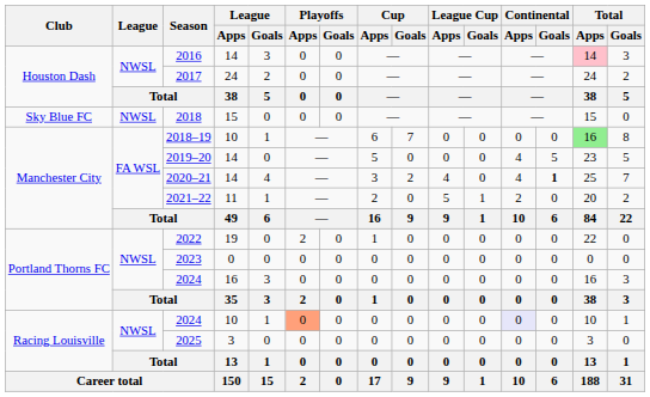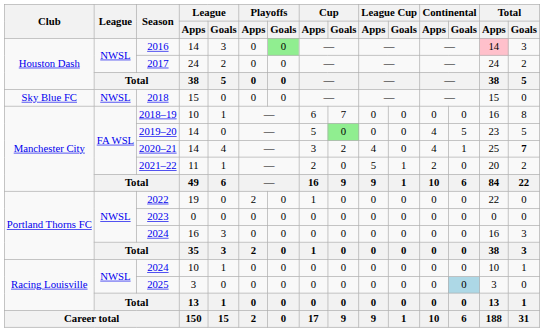 <table class="wikitable" style="text-align: center;">
 <tr>
 <th rowspan="2">Club</th>
 <th rowspan="2">League</th>
 <th rowspan="2">Season</th>
 <th colspan="2">League</th>
 <th colspan="2">Playoffs</th>
 <th colspan="2">Cup</th>
 <th colspan="2">League Cup</th>
 <th colspan="2">Continental</th>
 <th colspan="2">Total</th>
 </tr>
 <tr>
 <th>Apps</th>
 <th>Goals</th>
 <th>Apps</th>
 <th>Goals</th>
 <th>Apps</th>
 <th>Goals</th>
 <th>Apps</th>
 <th>Goals</th>
 <th>Apps</th>
 <th>Goals</th>
 <th>Apps</th>
 <th>Goals</th>
 </tr>
 <tr>
 <td rowspan="3"><a href='#'>Houston Dash</a></td>
 <td rowspan="2"><a href='#'>NWSL</a></td>
 <td><a href='#'>2016</a></td>
 <td>14</td>
 <td>3</td>
 <td>0</td>
-<td>0</td>
+<td style="background: lightgreen;">0</td>
 <td colspan="2">—</td>
 <td colspan="2">—</td>
 <td colspan="2">—</td>
 <td style="background: pink;">14</td>
 <td>3</td>
 </tr>
 <tr>
 <td><a href='#'>2017</a></td>
 <td>24</td>
 <td>2</td>
 <td>0</td>
 <td>0</td>
 <td colspan="2">—</td>
 <td colspan="2">—</td>
 <td colspan="2">—</td>
 <td>24</td>
 <td>2</td>
 </tr>
 <tr>
 <th colspan="2">Total</th>
 <th>38</th>
 <th>5</th>
 <th>0</th>
 <th>0</th>
 <th colspan="2">—</th>
 <th colspan="2">—</th>
 <th colspan="2">—</th>
 <th>38</th>
 <th>5</th>
 </tr>
 <tr>
 <td><a href='#'>Sky Blue FC</a></td>
 <td><a href='#'>NWSL</a></td>
 <td><a href='#'>2018</a></td>
 <td>15</td>
 <td>0</td>
 <td>0</td>
 <td>0</td>
 <td colspan="2">—</td>
 <td colspan="2">—</td>
 <td colspan="2">—</td>
 <td>15</td>
 <td>0</td>
 </tr>
 <tr>
 <td rowspan="5"><a href='#'>Manchester City</a></td>
 <td rowspan="4"><a href='#'>FA WSL</a></td>
 <td><a href='#'>2018–19</a></td>
 <td>10</td>
 <td>1</td>
 <td colspan="2">—</td>
 <td>6</td>
 <td>7</td>
 <td>0</td>
 <td>0</td>
 <td>0</td>
 <td>0</td>
-<td style="background: lightgreen;">16</td>
+<td>16</td>
 <td>8</td>
 </tr>
 <tr>
 <td><a href='#'>2019–20</a></td>
 <td>14</td>
 <td>0</td>
 <td colspan="2">—</td>
 <td>5</td>
-<td>0</td>
+<td style="background: lightgreen;">0</td>
 <td>0</td>
 <td>0</td>
 <td>4</td>
 <td>5</td>
 <td>23</td>
 <td>5</td>
 </tr>
 <tr>
 <td><a href='#'>2020–21</a></td>
 <td>14</td>
 <td>4</td>
 <td colspan="2">—</td>
 <td>3</td>
 <td>2</td>
 <td>4</td>
 <td>0</td>
 <td>4</td>
-<td><strong>1</strong></td>
+<td>1</td>
 <td>25</td>
-<td>7</td>
+<td><strong>7</strong></td>
 </tr>
 <tr>
 <td><a href='#'>2021–22</a></td>
 <td>11</td>
 <td>1</td>
 <td colspan="2">—</td>
 <td>2</td>
 <td>0</td>
 <td>5</td>
 <td>1</td>
 <td>2</td>
 <td>0</td>
 <td>20</td>
 <td>2</td>
 </tr>
 <tr>
 <th colspan="2">Total</th>
 <th>49</th>
 <th>6</th>
 <th colspan="2">—</th>
 <th>16</th>
 <th>9</th>
 <th>9</th>
 <th>1</th>
 <th>10</th>
 <th>6</th>
 <th>84</th>
 <th>22</th>
 </tr>
 <tr>
 <td rowspan="4"><a href='#'>Portland Thorns FC</a></td>
 <td rowspan="3"><a href='#'>NWSL</a></td>
 <td><a href='#'>2022</a></td>
 <td>19</td>
 <td>0</td>
 <td>2</td>
 <td>0</td>
 <td>1</td>
 <td>0</td>
 <td>0</td>
 <td>0</td>
 <td>0</td>
 <td>0</td>
 <td>22</td>
 <td>0</td>
 </tr>
 <tr>
 <td><a href='#'>2023</a></td>
 <td>0</td>
 <td>0</td>
 <td>0</td>
 <td>0</td>
 <td>0</td>
 <td>0</td>
 <td>0</td>
 <td>0</td>
 <td>0</td>
 <td>0</td>
 <td>0</td>
 <td>0</td>
 </tr>
 <tr>
 <td><a href='#'>2024</a></td>
 <td>16</td>
 <td>3</td>
 <td>0</td>
 <td>0</td>
 <td>0</td>
 <td>0</td>
 <td>0</td>
 <td>0</td>
 <td>0</td>
 <td>0</td>
 <td>16</td>
 <td>3</td>
 </tr>
 <tr>
 <th colspan="2">Total</th>
 <th>35</th>
 <th>3</th>
 <th>2</th>
 <th>0</th>
 <th>1</th>
 <th>0</th>
 <th>0</th>
 <th>0</th>
 <th>0</th>
 <th>0</th>
 <th>38</th>
 <th>3</th>
 </tr>
 <tr>
 <td rowspan="3"><a href='#'>Racing Louisville</a></td>
 <td rowspan="2"><a href='#'>NWSL</a></td>
 <td><a href='#'>2024</a></td>
 <td>10</td>
 <td>1</td>
-<td style="background: lightsalmon;">0</td>
 <td>0</td>
 <td>0</td>
 <td>0</td>
 <td>0</td>
 <td>0</td>
-<td style="background: lavender;">0</td>
+<td>0</td>
+<td>0</td>
 <td>0</td>
 <td>10</td>
 <td>1</td>
 </tr>
 <tr>
 <td><a href='#'>2025</a></td>
 <td>3</td>
 <td>0</td>
 <td>0</td>
 <td>0</td>
 <td>0</td>
 <td>0</td>
 <td>0</td>
 <td>0</td>
 <td>0</td>
-<td>0</td>
+<td style="background: lightblue;">0</td>
 <td>3</td>
 <td>0</td>
 </tr>
 <tr>
 <th colspan="2">Total</th>
 <th>13</th>
 <th>1</th>
 <th>0</th>
 <th>0</th>
 <th>0</th>
 <th>0</th>
 <th>0</th>
 <th>0</th>
 <th>0</th>
 <th>0</th>
 <th>13</th>
 <th>1</th>
 </tr>
 <tr>
 <th colspan="3">Career total</th>
 <th>150</th>
 <th>15</th>
 <th>2</th>
 <th>0</th>
 <th>17</th>
 <th>9</th>
 <th>9</th>
 <th>1</th>
 <th>10</th>
 <th>6</th>
 <th>188</th>
 <th>31</th>
 </tr>
 </table>
